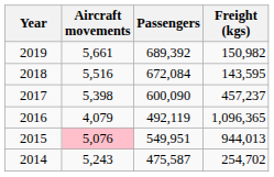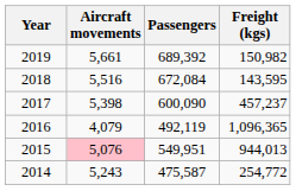 <table class="wikitable" style="display:inline-table;">
 <tr>
 <th colspan style="width:60px;">Year</th>
 <th colspan style="width:60px;">Aircraft movements</th>
 <th colspan style="width:60px;">Passengers</th>
 <th colspan style="width:70px;">Freight (kgs)</th>
 </tr>
 <tr>
 <td style="text-align:center;">2019</td>
 <td style="text-align:center;">5,661</td>
 <td style="text-align:center;">689,392</td>
 <td style="text-align:right;">150,982</td>
 </tr>
 <tr>
 <td style="text-align:center;">2018</td>
 <td style="text-align:center;">5,516</td>
 <td style="text-align:center;">672,084</td>
 <td style="text-align:right;">143,595</td>
 </tr>
 <tr>
 <td style="text-align:center;">2017</td>
 <td style="text-align:center;">5,398</td>
 <td style="text-align:center;">600,090</td>
 <td style="text-align:right;">457,237</td>
 </tr>
 <tr>
 <td style="text-align:center;">2016</td>
 <td style="text-align:center;">4,079</td>
 <td style="text-align:center;">492,119</td>
 <td style="text-align:right;">1,096,365</td>
 </tr>
 <tr>
 <td style="text-align:center;">2015</td>
 <td style="background: pink; text-align:center;">5,076</td>
 <td style="text-align:center;">549,951</td>
 <td style="text-align:right;">944,013</td>
 </tr>
 <tr>
 <td style="text-align:center;">2014</td>
 <td style="text-align:center;">5,243</td>
 <td style="text-align:center;">475,587</td>
-<td style="text-align:right;">254,702</td>
+<td style="text-align:right;">254,772</td>
 </tr>
 </table>
